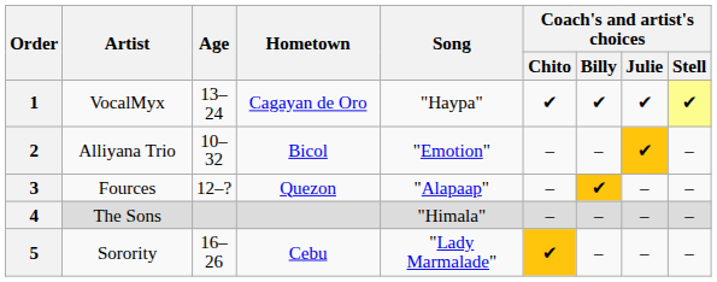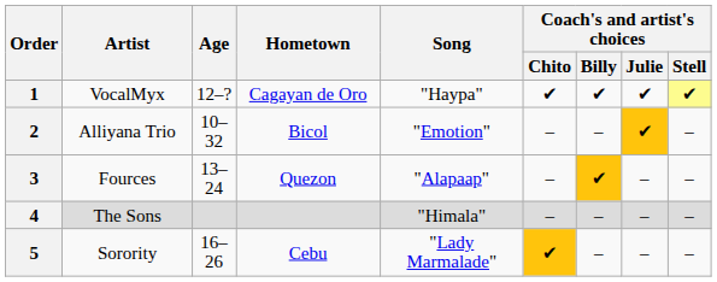 <table class="wikitable" style="text-align:center; line-height:17px; width:100%">
 <tr>
 <th scope=col rowspan=2 style="width:04%">Order</th>
 <th scope=col rowspan=2 style="width:18%">Artist</th>
 <th scope=col rowspan=2 style="width:05%">Age</th>
 <th scope=col rowspan=2 style="width:20%">Hometown</th>
 <th scope=col rowspan=2 style="width:20%">Song</th>
 <th scope=col colspan=4 style="width:24%">Coach's and artist's choices</th>
 </tr>
 <tr>
 <th style="width:6%">Chito</th>
 <th style="width:6%">Billy</th>
 <th style="width:6%">Julie</th>
 <th style="width:6%">Stell</th>
 </tr>
 <tr>
 <th>1</th>
 <td>VocalMyx</td>
-<td>13–24</td>
+<td>12–?</td>
 <td><a href='#'>Cagayan de Oro</a></td>
 <td>"Haypa"</td>
 <td>✔</td>
 <td>✔</td>
 <td>✔</td>
 <td style="background:#fdfc8f">✔</td>
 </tr>
 <tr>
 <th>2</th>
 <td>Alliyana Trio</td>
 <td>10–32</td>
 <td><a href='#'>Bicol</a></td>
 <td>"<a href='#'>Emotion</a>"</td>
 <td>–</td>
 <td>–</td>
 <td style="background:#ffc40c">✔</td>
 <td>–</td>
 </tr>
 <tr>
 <th>3</th>
 <td>Fources</td>
-<td>12–?</td>
+<td>13–24</td>
 <td><a href='#'>Quezon</a></td>
 <td>"<a href='#'>Alapaap</a>"</td>
 <td>–</td>
 <td style="background:#ffc40c">✔</td>
 <td>–</td>
 <td>–</td>
 </tr>
 <tr style="background:#dcdcdc">
 <th>4</th>
 <td>The Sons</td>
 <td></td>
 <td></td>
 <td>"Himala"</td>
 <td>–</td>
 <td>–</td>
 <td>–</td>
 <td>–</td>
 </tr>
 <tr>
 <th>5</th>
 <td>Sorority</td>
 <td>16–26</td>
 <td><a href='#'>Cebu</a></td>
 <td>"<a href='#'>Lady Marmalade</a>"</td>
 <td style="background:#ffc40c">✔</td>
 <td>–</td>
 <td>–</td>
 <td>–</td>
 </tr>
 </table>
